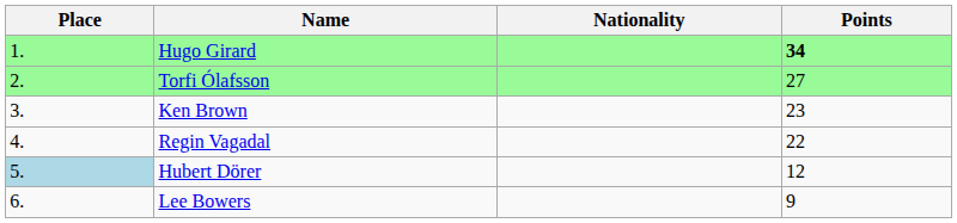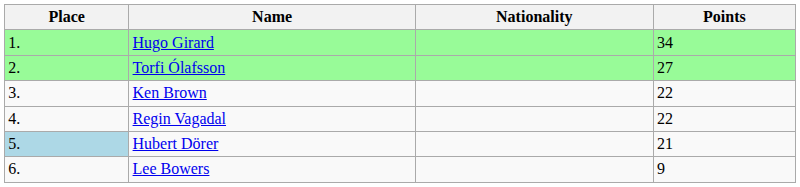 <table class="wikitable" style="display: inline-table; width: 50%;">
 <tr>
 <th>Place</th>
 <th>Name</th>
 <th>Nationality</th>
 <th>Points</th>
 </tr>
 <tr>
 </tr>
 <tr bgcolor=palegreen>
 <td>1.</td>
 <td><a href='#'>Hugo Girard</a></td>
 <td></td>
-<td><strong>34</strong></td>
+<td>34</td>
 </tr>
 <tr>
 </tr>
 <tr bgcolor=palegreen>
 <td>2.</td>
 <td><a href='#'>Torfi Ólafsson</a></td>
 <td></td>
 <td>27</td>
 </tr>
 <tr>
 <td>3.</td>
 <td><a href='#'>Ken Brown</a></td>
 <td></td>
-<td>23</td>
+<td>22</td>
 </tr>
 <tr>
 <td>4.</td>
 <td><a href='#'>Regin Vagadal</a></td>
 <td></td>
 <td>22</td>
 </tr>
 <tr>
 <td style="background: lightblue;">5.</td>
 <td><a href='#'>Hubert Dörer</a></td>
 <td></td>
-<td>12</td>
+<td>21</td>
 </tr>
 <tr>
 <td>6.</td>
 <td><a href='#'>Lee Bowers</a></td>
 <td></td>
 <td>9</td>
 </tr>
 </table>
